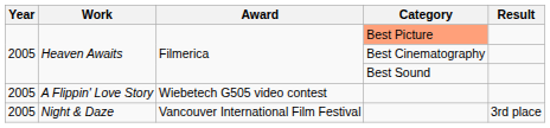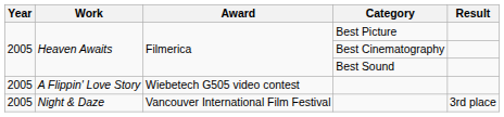 <table class="wikitable">
 <tr>
 <th>Year</th>
 <th>Work</th>
 <th>Award</th>
 <th>Category</th>
 <th>Result</th>
 </tr>
 <tr>
 <td rowspan="3">2005</td>
 <td rowspan="3"><em>Heaven Awaits</em></td>
 <td rowspan="3">Filmerica</td>
-<td style="background: lightsalmon;">Best Picture</td>
+<td>Best Picture</td>
 <td></td>
 </tr>
 <tr>
 <td>Best Cinematography</td>
 <td></td>
 </tr>
 <tr>
 <td>Best Sound</td>
 <td></td>
 </tr>
 <tr>
 <td>2005</td>
 <td><em>A Flippin' Love Story</em></td>
 <td>Wiebetech G505 video contest</td>
 <td></td>
 <td></td>
 </tr>
 <tr>
 <td>2005</td>
 <td><em>Night & Daze</em></td>
 <td>Vancouver International Film Festival</td>
 <td></td>
 <td>3rd place</td>
 </tr>
 </table>
